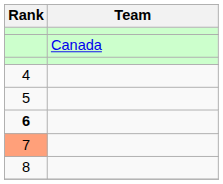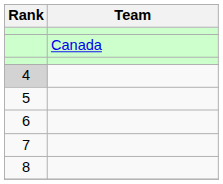 <table class="wikitable" style="text-align: center;">
 <tr>
 <th width=40>Rank</th>
 <th width=180>Team</th>
 </tr>
 <tr align=center bgcolor=#ccffcc>
 <td></td>
 <td style="text-align:left;"></td>
 </tr>
 <tr align=center bgcolor=#ccffcc>
 <td></td>
 <td style="text-align:left;"> <a href='#'>Canada</a></td>
 </tr>
 <tr align=center bgcolor=#ccffcc>
 <td></td>
 <td style="text-align:left;"></td>
 </tr>
 <tr align=center>
-<td>4</td>
+<td style="background: lightgrey;">4</td>
 <td style="text-align:left;"></td>
 </tr>
 <tr align=center>
 <td>5</td>
 <td style="text-align:left;"></td>
 </tr>
 <tr align=center>
-<td><strong>6</strong></td>
+<td>6</td>
 <td style="text-align:left;"></td>
 </tr>
 <tr align=center>
-<td style="background: lightsalmon;">7</td>
+<td>7</td>
 <td style="text-align:left;"></td>
 </tr>
 <tr align=center>
 <td>8</td>
 <td style="text-align:left;"></td>
 </tr>
 <tr align=center>
 </tr>
 </table>
